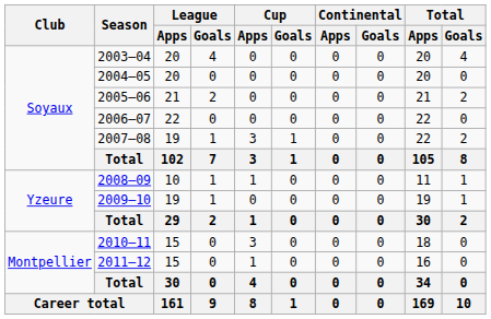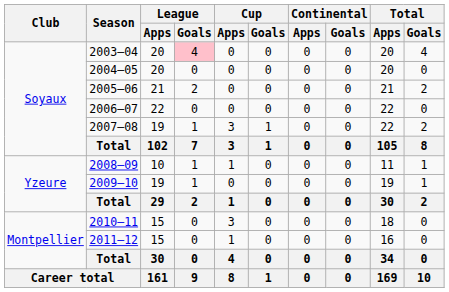 <table class="wikitable" style="text-align: center;">
 <tr>
 <th rowspan="2">Club</th>
 <th rowspan="2">Season</th>
 <th colspan="2">League</th>
 <th colspan="2">Cup</th>
 <th colspan="2">Continental</th>
 <th colspan="2">Total</th>
 </tr>
 <tr>
 <th>Apps</th>
 <th>Goals</th>
 <th>Apps</th>
 <th>Goals</th>
 <th>Apps</th>
 <th>Goals</th>
 <th>Apps</th>
 <th>Goals</th>
 </tr>
 <tr>
 <td rowspan="6" valign="center"><a href='#'>Soyaux</a></td>
 <td>2003–04</td>
 <td>20</td>
-<td>4</td>
+<td style="background: pink;">4</td>
 <td>0</td>
 <td>0</td>
 <td>0</td>
 <td>0</td>
 <td>20</td>
 <td>4</td>
 </tr>
 <tr>
 <td>2004–05</td>
 <td>20</td>
 <td>0</td>
 <td>0</td>
 <td>0</td>
 <td>0</td>
 <td>0</td>
 <td>20</td>
 <td>0</td>
 </tr>
 <tr>
 <td>2005–06</td>
 <td>21</td>
 <td>2</td>
 <td>0</td>
 <td>0</td>
 <td>0</td>
 <td>0</td>
 <td>21</td>
 <td>2</td>
 </tr>
 <tr>
 <td>2006–07</td>
 <td>22</td>
 <td>0</td>
 <td>0</td>
 <td>0</td>
 <td>0</td>
 <td>0</td>
 <td>22</td>
 <td>0</td>
 </tr>
 <tr>
 <td>2007–08</td>
 <td>19</td>
 <td>1</td>
 <td>3</td>
 <td>1</td>
 <td>0</td>
 <td>0</td>
 <td>22</td>
 <td>2</td>
 </tr>
 <tr>
 <th>Total</th>
 <th>102</th>
 <th>7</th>
 <th>3</th>
 <th>1</th>
 <th>0</th>
 <th>0</th>
 <th>105</th>
 <th>8</th>
 </tr>
 <tr>
 <td rowspan="3" valign="center"><a href='#'>Yzeure</a></td>
 <td><a href='#'>2008–09</a></td>
 <td>10</td>
 <td>1</td>
 <td>1</td>
 <td>0</td>
 <td>0</td>
 <td>0</td>
 <td>11</td>
 <td>1</td>
 </tr>
 <tr>
 <td><a href='#'>2009–10</a></td>
 <td>19</td>
 <td>1</td>
 <td>0</td>
 <td>0</td>
 <td>0</td>
 <td>0</td>
 <td>19</td>
 <td>1</td>
 </tr>
 <tr>
 <th>Total</th>
 <th>29</th>
 <th>2</th>
 <th>1</th>
 <th>0</th>
 <th>0</th>
 <th>0</th>
 <th>30</th>
 <th>2</th>
 </tr>
 <tr>
 <td rowspan="3" valign="center"><a href='#'>Montpellier</a></td>
 <td><a href='#'>2010–11</a></td>
 <td>15</td>
 <td>0</td>
 <td>3</td>
 <td>0</td>
 <td>0</td>
 <td>0</td>
 <td>18</td>
 <td>0</td>
 </tr>
 <tr>
 <td><a href='#'>2011–12</a></td>
 <td>15</td>
 <td>0</td>
 <td>1</td>
 <td>0</td>
 <td>0</td>
 <td>0</td>
 <td>16</td>
 <td>0</td>
 </tr>
 <tr>
 <th>Total</th>
 <th>30</th>
 <th>0</th>
 <th>4</th>
 <th>0</th>
 <th>0</th>
 <th>0</th>
 <th>34</th>
 <th>0</th>
 </tr>
 <tr>
 <th colspan="2">Career total</th>
 <th>161</th>
 <th>9</th>
 <th>8</th>
 <th>1</th>
 <th>0</th>
 <th>0</th>
 <th>169</th>
 <th>10</th>
 </tr>
 </table>
